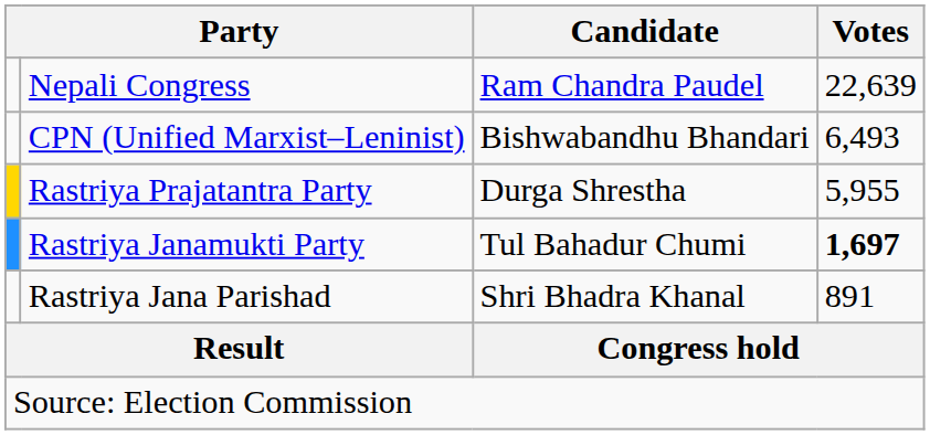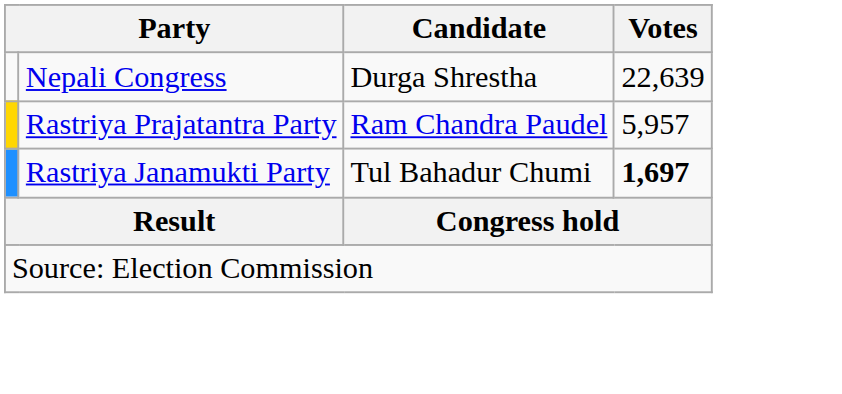 <table class="wikitable">
 <tr>
 <th colspan="2">Party</th>
 <th>Candidate</th>
 <th>Votes</th>
 </tr>
 <tr>
 <td style="background-color:"></td>
 <td><a href='#'>Nepali Congress</a></td>
-<td><a href='#'>Ram Chandra Paudel</a></td>
+<td>Durga Shrestha</td>
 <td>22,639</td>
-</tr>
-<tr>
-<td style="background-color:"></td>
-<td><a href='#'>CPN (Unified Marxist–Leninist)</a></td>
-<td>Bishwabandhu Bhandari</td>
-<td>6,493</td>
 </tr>
 <tr>
 <td style="background-color:gold"></td>
 <td><a href='#'>Rastriya Prajatantra Party</a></td>
-<td>Durga Shrestha</td>
-<td>5,955</td>
+<td><a href='#'>Ram Chandra Paudel</a></td>
+<td>5,957</td>
 </tr>
 <tr>
 <td style="background-color:dodgerblue"></td>
 <td><a href='#'>Rastriya Janamukti Party</a></td>
 <td>Tul Bahadur Chumi</td>
 <td><strong>1,697</strong></td>
-</tr>
-<tr>
-<td></td>
-<td>Rastriya Jana Parishad</td>
-<td>Shri Bhadra Khanal</td>
-<td>891</td>
 </tr>
 <tr>
 <th colspan="2">Result</th>
 <th colspan="2">Congress hold</th>
 </tr>
 <tr>
 <td colspan="4">Source: Election Commission</td>
 </tr>
 </table>
